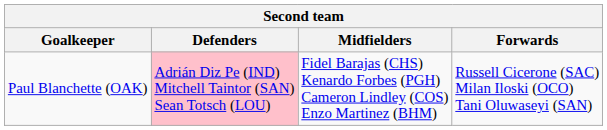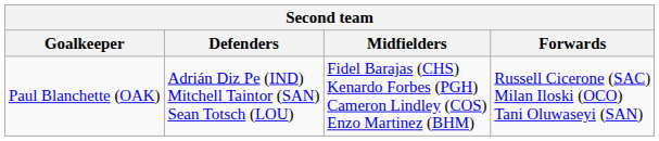 <table class="wikitable">
 <tr>
 <th colspan="4">Second team</th>
 </tr>
 <tr>
 <th>Goalkeeper</th>
 <th>Defenders</th>
 <th>Midfielders</th>
 <th>Forwards</th>
 </tr>
 <tr>
 <td> <a href='#'>Paul Blanchette</a> (<a href='#'>OAK</a>)</td>
-<td style="background: pink;"> <a href='#'>Adrián Diz Pe</a> (<a href='#'>IND</a>)<br> <a href='#'>Mitchell Taintor</a> (<a href='#'>SAN</a>)<br> <a href='#'>Sean Totsch</a> (<a href='#'>LOU</a>)</td>
+<td> <a href='#'>Adrián Diz Pe</a> (<a href='#'>IND</a>)<br> <a href='#'>Mitchell Taintor</a> (<a href='#'>SAN</a>)<br> <a href='#'>Sean Totsch</a> (<a href='#'>LOU</a>)</td>
 <td> <a href='#'>Fidel Barajas</a> (<a href='#'>CHS</a>)<br> <a href='#'>Kenardo Forbes</a> (<a href='#'>PGH</a>)<br> <a href='#'>Cameron Lindley</a> (<a href='#'>COS</a>)<br> <a href='#'>Enzo Martinez</a> (<a href='#'>BHM</a>)</td>
 <td> <a href='#'>Russell Cicerone</a> (<a href='#'>SAC</a>)<br> <a href='#'>Milan Iloski</a> (<a href='#'>OCO</a>)<br> <a href='#'>Tani Oluwaseyi</a> (<a href='#'>SAN</a>)</td>
 </tr>
 </table>
